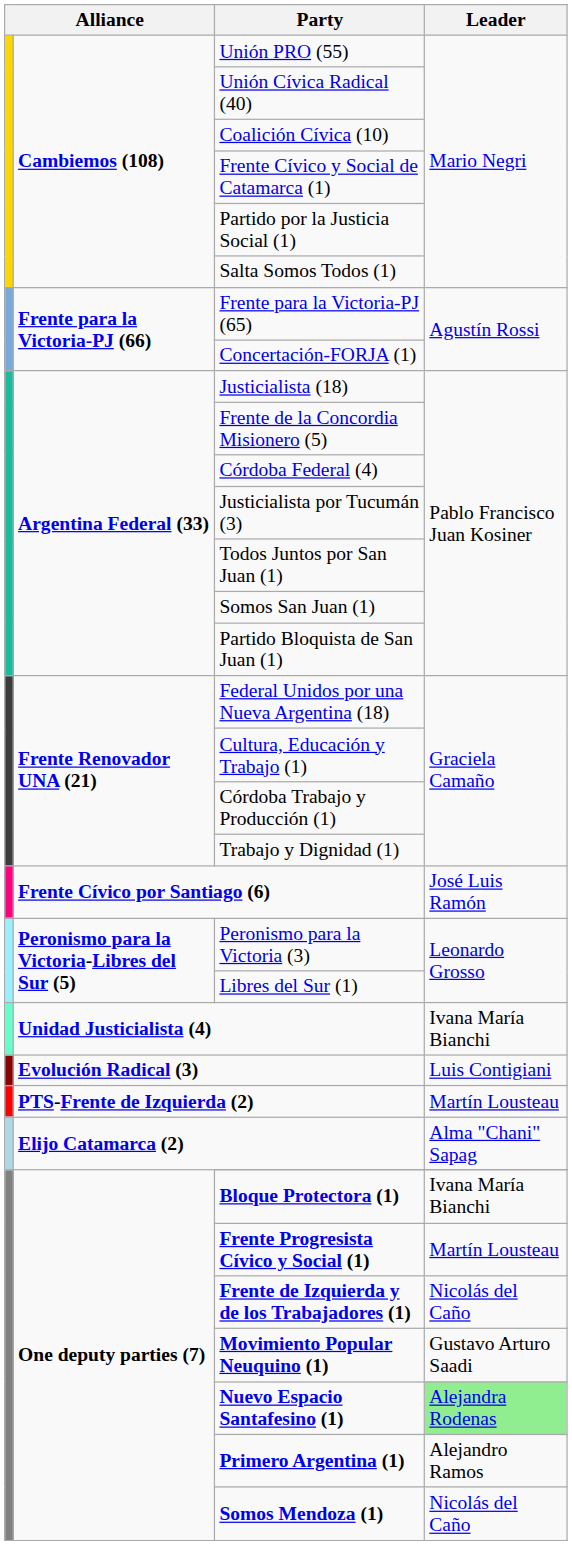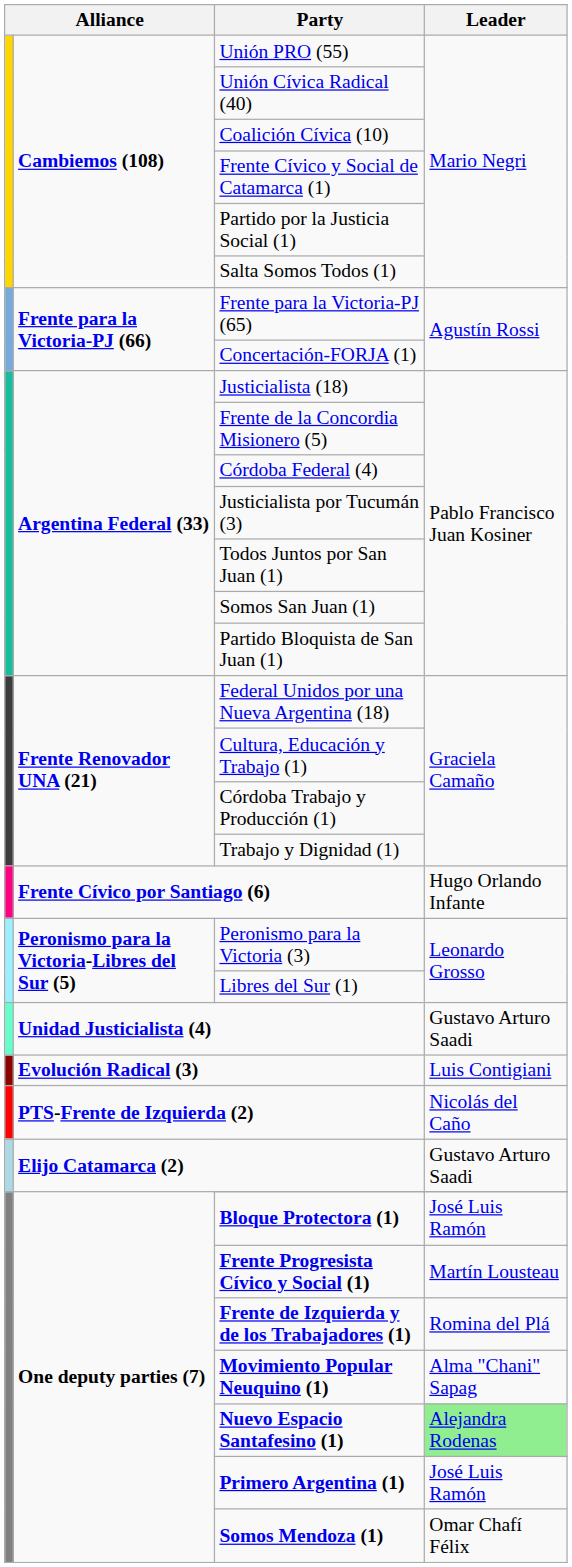 <table class="wikitable" width="74%">
 <tr>
 <th colspan="2">Alliance</th>
 <th>Party</th>
 <th>Leader</th>
 </tr>
 <tr>
 <td rowspan=6 bgcolor=#FFD700></td>
 <td rowspan=6><strong><a href='#'>Cambiemos</a> (108)</strong></td>
 <td><a href='#'>Unión PRO</a> (55)</td>
 <td rowspan=6><a href='#'>Mario Negri</a></td>
 </tr>
 <tr>
 <td><a href='#'>Unión Cívica Radical</a> (40)</td>
 </tr>
 <tr>
 <td><a href='#'>Coalición Cívica</a> (10)</td>
 </tr>
 <tr>
 <td><a href='#'>Frente Cívico y Social de Catamarca</a> (1)</td>
 </tr>
 <tr>
 <td>Partido por la Justicia Social (1)</td>
 </tr>
 <tr>
 <td>Salta Somos Todos (1)</td>
 </tr>
 <tr>
 <td rowspan=2 bgcolor=#75AADB></td>
 <td rowspan=2><strong><a href='#'>Frente para la Victoria-PJ</a> (66)</strong></td>
 <td><a href='#'>Frente para la Victoria-PJ</a> (65)</td>
 <td rowspan=2><a href='#'>Agustín Rossi</a></td>
 </tr>
 <tr>
 <td><a href='#'>Concertación-FORJA</a> (1)</td>
 </tr>
 <tr>
 <td rowspan=7 bgcolor=#19bc9d></td>
 <td rowspan=7><strong><a href='#'>Argentina Federal</a> (33)</strong></td>
 <td><a href='#'>Justicialista</a> (18)</td>
 <td rowspan=7>Pablo Francisco Juan Kosiner</td>
 </tr>
 <tr>
 <td><a href='#'>Frente de la Concordia Misionero</a> (5)</td>
 </tr>
 <tr>
 <td><a href='#'>Córdoba Federal</a> (4)</td>
 </tr>
 <tr>
 <td>Justicialista por Tucumán (3)</td>
 </tr>
 <tr>
 <td>Todos Juntos por San Juan (1)</td>
 </tr>
 <tr>
 <td>Somos San Juan (1)</td>
 </tr>
 <tr>
 <td>Partido Bloquista de San Juan (1)</td>
 </tr>
 <tr>
 <td rowspan=4 bgcolor=#3C3C3C></td>
 <td rowspan=4><strong><a href='#'>Frente Renovador UNA</a> (21)</strong></td>
 <td><a href='#'>Federal Unidos por una Nueva Argentina</a> (18)</td>
 <td rowspan=4><a href='#'>Graciela Camaño</a></td>
 </tr>
 <tr>
 <td><a href='#'>Cultura, Educación y Trabajo</a> (1)</td>
 </tr>
 <tr>
 <td>Córdoba Trabajo y Producción (1)</td>
 </tr>
 <tr>
 <td>Trabajo y Dignidad (1)</td>
 </tr>
 <tr>
 <td bgcolor=#FF0080></td>
 <td colspan=2><strong><a href='#'>Frente Cívico por Santiago</a> (6)</strong></td>
-<td><a href='#'>José Luis Ramón</a></td>
+<td>Hugo Orlando Infante</td>
 </tr>
 <tr>
 <td rowspan=2 bgcolor=#9bf0ff></td>
 <td rowspan=2><strong><a href='#'>Peronismo para la Victoria</a>-<a href='#'>Libres del Sur</a> (5)</strong></td>
 <td><a href='#'>Peronismo para la Victoria</a> (3)</td>
 <td rowspan=2><a href='#'>Leonardo Grosso</a></td>
 </tr>
 <tr>
 <td><a href='#'>Libres del Sur</a> (1)</td>
 </tr>
 <tr>
 <td bgcolor=#66FFCC></td>
 <td colspan=2><strong><a href='#'>Unidad Justicialista</a> (4)</strong></td>
-<td>Ivana María Bianchi</td>
+<td>Gustavo Arturo Saadi</td>
 </tr>
 <tr>
 <td bgcolor=darkred></td>
 <td colspan=2><strong><a href='#'>Evolución Radical</a> (3)</strong></td>
 <td><a href='#'>Luis Contigiani</a></td>
 </tr>
 <tr>
 <td bgcolor=red></td>
 <td colspan=2><strong><a href='#'>PTS</a>-<a href='#'>Frente de Izquierda</a> (2)</strong></td>
-<td><a href='#'>Martín Lousteau</a></td>
+<td><a href='#'>Nicolás del Caño</a></td>
 </tr>
 <tr>
 <td bgcolor=lightblue></td>
 <td colspan=2><strong><a href='#'>Elijo Catamarca</a> (2)</strong></td>
-<td><a href='#'>Alma "Chani" Sapag</a></td>
+<td>Gustavo Arturo Saadi</td>
 </tr>
 <tr>
 <td rowspan=8 bgcolor=gray></td>
 <td rowspan=8><strong>One deputy parties (7)</strong></td>
 </tr>
 <tr>
 <td><strong><a href='#'>Bloque Protectora</a> (1)</strong></td>
-<td>Ivana María Bianchi</td>
+<td><a href='#'>José Luis Ramón</a></td>
 </tr>
 <tr>
 <td><strong><a href='#'>Frente Progresista Cívico y Social</a> (1)</strong></td>
 <td><a href='#'>Martín Lousteau</a></td>
 </tr>
 <tr>
 <td><strong><a href='#'>Frente de Izquierda y de los Trabajadores</a> (1)</strong></td>
-<td><a href='#'>Nicolás del Caño</a></td>
+<td><a href='#'>Romina del Plá</a></td>
 </tr>
 <tr>
 <td><strong><a href='#'>Movimiento Popular Neuquino</a> (1)</strong></td>
-<td>Gustavo Arturo Saadi</td>
+<td><a href='#'>Alma "Chani" Sapag</a></td>
 </tr>
 <tr>
 <td><strong><a href='#'>Nuevo Espacio Santafesino</a> (1)</strong></td>
 <td style="background: lightgreen;"><a href='#'>Alejandra Rodenas</a></td>
 </tr>
 <tr>
 <td><strong><a href='#'>Primero Argentina</a> (1)</strong></td>
-<td>Alejandro Ramos</td>
+<td><a href='#'>José Luis Ramón</a></td>
 </tr>
 <tr>
 <td><strong><a href='#'>Somos Mendoza</a> (1)</strong></td>
-<td><a href='#'>Nicolás del Caño</a></td>
+<td>Omar Chafí Félix</td>
 </tr>
 </table>
